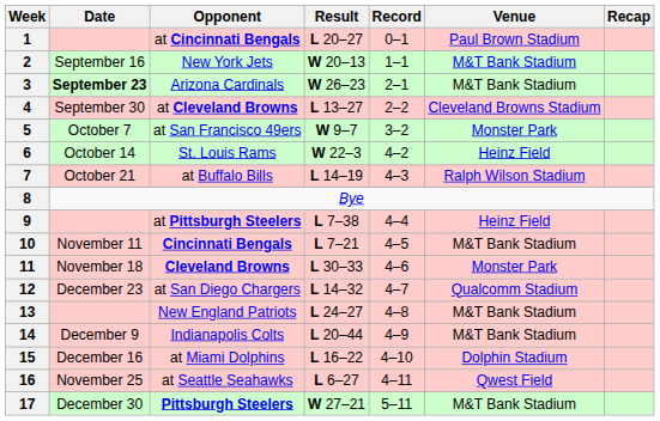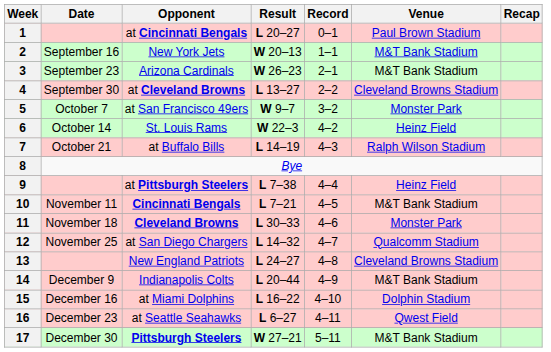 <table class="wikitable" style="text-align:center">
 <tr>
 <th>Week</th>
 <th>Date</th>
 <th>Opponent</th>
 <th>Result</th>
 <th>Record</th>
 <th>Venue</th>
 <th>Recap</th>
 </tr>
 <tr bgcolor="#fcc">
 <th>1</th>
 <td></td>
 <td>at <strong><a href='#'>Cincinnati Bengals</a></strong></td>
 <td><strong>L</strong> 20–27</td>
 <td>0–1</td>
 <td><a href='#'>Paul Brown Stadium</a></td>
 <td></td>
 </tr>
 <tr bgcolor="#cfc">
 <th>2</th>
 <td>September 16</td>
 <td><a href='#'>New York Jets</a></td>
 <td><strong>W</strong> 20–13</td>
 <td>1–1</td>
 <td><a href='#'>M&T Bank Stadium</a></td>
 <td></td>
 </tr>
 <tr bgcolor="#cfc">
 <th>3</th>
-<td><strong>September 23</strong></td>
+<td>September 23</td>
 <td><a href='#'>Arizona Cardinals</a></td>
 <td><strong>W</strong> 26–23</td>
 <td>2–1</td>
 <td>M&T Bank Stadium</td>
 <td></td>
 </tr>
 <tr bgcolor="#fcc">
 <th>4</th>
 <td>September 30</td>
 <td>at <strong><a href='#'>Cleveland Browns</a></strong></td>
 <td><strong>L</strong> 13–27</td>
 <td>2–2</td>
 <td><a href='#'>Cleveland Browns Stadium</a></td>
 <td></td>
 </tr>
 <tr bgcolor="#cfc">
 <th>5</th>
 <td>October 7</td>
 <td>at <a href='#'>San Francisco 49ers</a></td>
 <td><strong>W</strong> 9–7</td>
 <td>3–2</td>
 <td><a href='#'>Monster Park</a></td>
 <td></td>
 </tr>
 <tr bgcolor="#cfc">
 <th>6</th>
 <td>October 14</td>
 <td><a href='#'>St. Louis Rams</a></td>
 <td><strong>W</strong> 22–3</td>
 <td>4–2</td>
 <td><a href='#'>Heinz Field</a></td>
 <td></td>
 </tr>
 <tr bgcolor="#fcc">
 <th>7</th>
 <td>October 21</td>
 <td>at <a href='#'>Buffalo Bills</a></td>
 <td><strong>L</strong> 14–19</td>
 <td>4–3</td>
 <td><a href='#'>Ralph Wilson Stadium</a></td>
 <td></td>
 </tr>
 <tr>
 <th>8</th>
 <td colspan="7"><em><a href='#'>Bye</a></em></td>
 </tr>
 <tr bgcolor="#fcc">
 <th>9</th>
 <td></td>
 <td>at <strong><a href='#'>Pittsburgh Steelers</a></strong></td>
 <td><strong>L</strong> 7–38</td>
 <td>4–4</td>
 <td><a href='#'>Heinz Field</a></td>
 <td></td>
 </tr>
 <tr bgcolor="#fcc">
 <th>10</th>
 <td>November 11</td>
 <td><strong><a href='#'>Cincinnati Bengals</a></strong></td>
 <td><strong>L</strong> 7–21</td>
 <td>4–5</td>
 <td>M&T Bank Stadium</td>
 <td></td>
 </tr>
 <tr bgcolor="#fcc">
 <th>11</th>
 <td>November 18</td>
 <td><strong><a href='#'>Cleveland Browns</a></strong></td>
 <td><strong>L</strong> 30–33 </td>
 <td>4–6</td>
 <td><a href='#'>Monster Park</a></td>
 <td></td>
 </tr>
 <tr bgcolor="#fcc">
 <th>12</th>
-<td>December 23</td>
+<td>November 25</td>
 <td>at <a href='#'>San Diego Chargers</a></td>
 <td><strong>L</strong> 14–32</td>
 <td>4–7</td>
 <td><a href='#'>Qualcomm Stadium</a></td>
 <td></td>
 </tr>
 <tr bgcolor="#fcc">
 <th>13</th>
 <td></td>
 <td><a href='#'>New England Patriots</a></td>
 <td><strong>L</strong> 24–27</td>
 <td>4–8</td>
-<td>M&T Bank Stadium</td>
+<td><a href='#'>Cleveland Browns Stadium</a></td>
 <td></td>
 </tr>
 <tr bgcolor="#fcc">
 <th>14</th>
 <td>December 9</td>
 <td><a href='#'>Indianapolis Colts</a></td>
 <td><strong>L</strong> 20–44</td>
 <td>4–9</td>
 <td>M&T Bank Stadium</td>
 <td></td>
 </tr>
 <tr bgcolor="#fcc">
 <th>15</th>
 <td>December 16</td>
 <td>at <a href='#'>Miami Dolphins</a></td>
 <td><strong>L</strong> 16–22 </td>
 <td>4–10</td>
 <td><a href='#'>Dolphin Stadium</a></td>
 <td></td>
 </tr>
 <tr bgcolor="#fcc">
 <th>16</th>
-<td>November 25</td>
+<td>December 23</td>
 <td>at <a href='#'>Seattle Seahawks</a></td>
 <td><strong>L</strong> 6–27</td>
 <td>4–11</td>
 <td><a href='#'>Qwest Field</a></td>
 <td></td>
 </tr>
 <tr bgcolor="#cfc">
 <th>17</th>
 <td>December 30</td>
 <td><strong><a href='#'>Pittsburgh Steelers</a></strong></td>
 <td><strong>W</strong> 27–21</td>
 <td>5–11</td>
 <td>M&T Bank Stadium</td>
 <td></td>
 </tr>
 </table>
